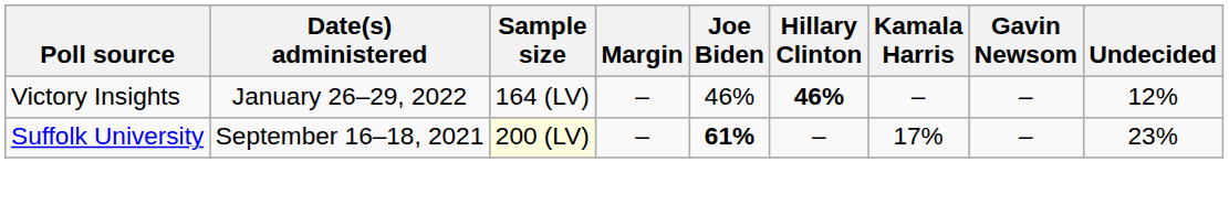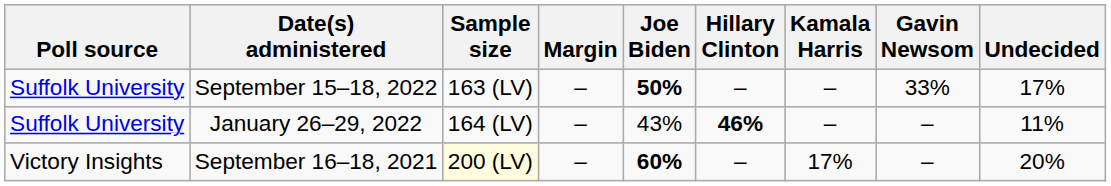 <table class="wikitable sortable mw-datatable" style="font-size:90%;text-align:center;line-height:17px">
 <tr valign=bottom>
 <th>Poll source</th>
 <th>Date(s)<br>administered</th>
 <th>Sample<br>size</th>
 <th>Margin<br></th>
 <th class="unsortable">Joe<br>Biden</th>
 <th class="unsortable">Hillary<br>Clinton</th>
 <th class="unsortable">Kamala<br>Harris</th>
 <th class="unsortable">Gavin<br>Newsom</th>
 <th class="unsortable">Undecided</th>
 </tr>
 <tr>
-<td style="text-align:left;">Victory Insights</td>
+<td style="text-align:left;"><a href='#'>Suffolk University</a></td>
+<td>September 15–18, 2022</td>
+<td>163 (LV)</td>
+<td>–</td>
+<td style="color:black;background-color:"><strong>50%</strong></td>
+<td>–</td>
+<td>–</td>
+<td>33%</td>
+<td>17%</td>
+</tr>
+<tr>
+<td style="text-align:left;"><a href='#'>Suffolk University</a></td>
 <td>January 26–29, 2022</td>
 <td>164 (LV)</td>
 <td>–</td>
-<td>46%</td>
+<td>43%</td>
 <td style="color:black;background-color:"><strong>46%</strong></td>
 <td>–</td>
 <td>–</td>
-<td>12%</td>
+<td>11%</td>
 </tr>
 <tr>
-<td style="text-align:left;"><a href='#'>Suffolk University</a></td>
+<td style="text-align:left;">Victory Insights</td>
 <td>September 16–18, 2021</td>
 <td style="background: lightyellow;">200 (LV)</td>
 <td>–</td>
-<td style="color:black;background-color:"><strong>61%</strong></td>
+<td style="color:black;background-color:"><strong>60%</strong></td>
 <td>–</td>
 <td>17%</td>
 <td>–</td>
-<td>23%</td>
+<td>20%</td>
 </tr>
 </table>
